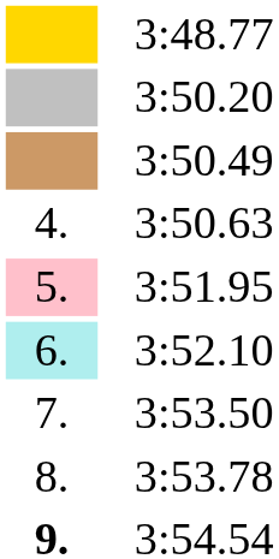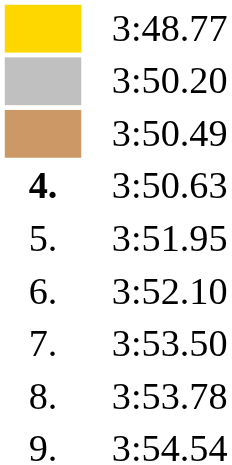 <table style="text-align:center">
 <tr>
 <td width=30 bgcolor=gold></td>
 <td align=left></td>
 <td width=60>3:48.77</td>
 </tr>
 <tr>
 <td bgcolor=silver></td>
 <td align=left></td>
 <td>3:50.20</td>
 </tr>
 <tr>
 <td bgcolor=cc9966></td>
 <td align=left></td>
 <td>3:50.49</td>
 </tr>
 <tr>
-<td>4.</td>
+<td><strong>4.</strong></td>
 <td align=left></td>
 <td>3:50.63</td>
 </tr>
 <tr>
-<td style="background: pink;">5.</td>
+<td>5.</td>
 <td align=left></td>
 <td>3:51.95</td>
 </tr>
 <tr>
-<td style="background: paleturquoise;">6.</td>
+<td>6.</td>
 <td align=left></td>
 <td>3:52.10</td>
 </tr>
 <tr>
 <td>7.</td>
 <td align=left></td>
 <td>3:53.50</td>
 </tr>
 <tr>
 <td>8.</td>
 <td align=left></td>
 <td>3:53.78</td>
 </tr>
 <tr>
-<td><strong>9.</strong></td>
+<td>9.</td>
 <td align=left></td>
 <td>3:54.54</td>
 </tr>
 </table>
